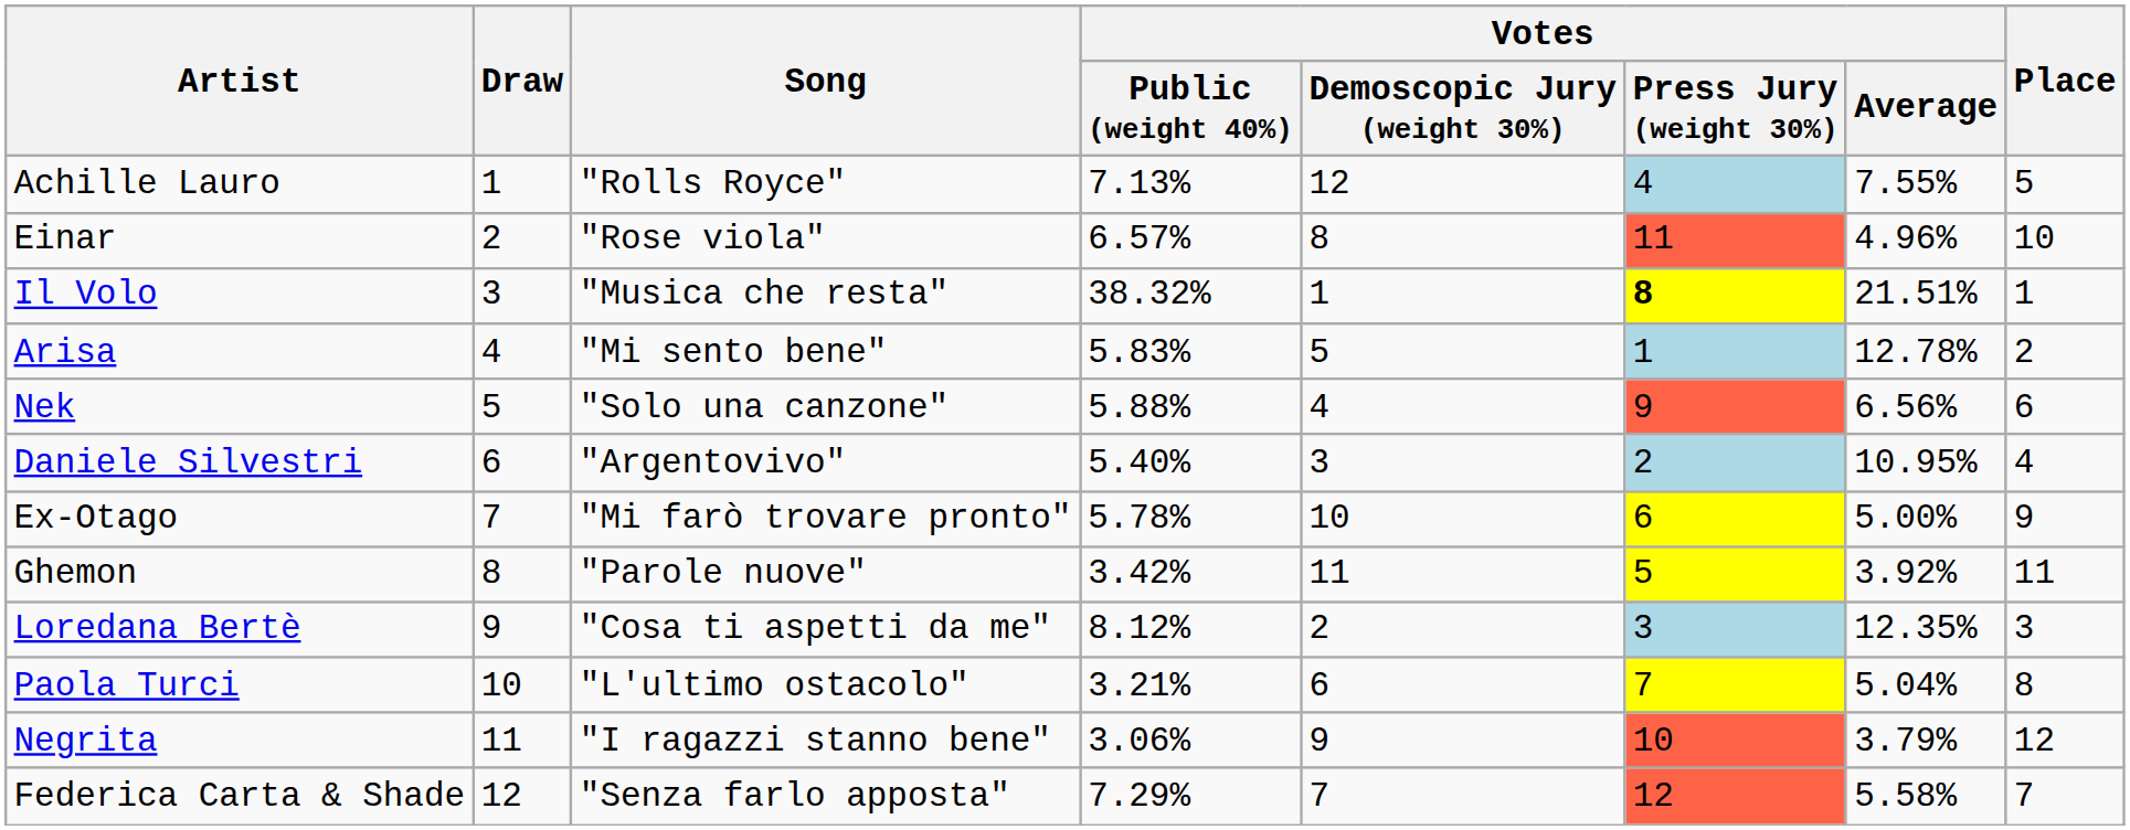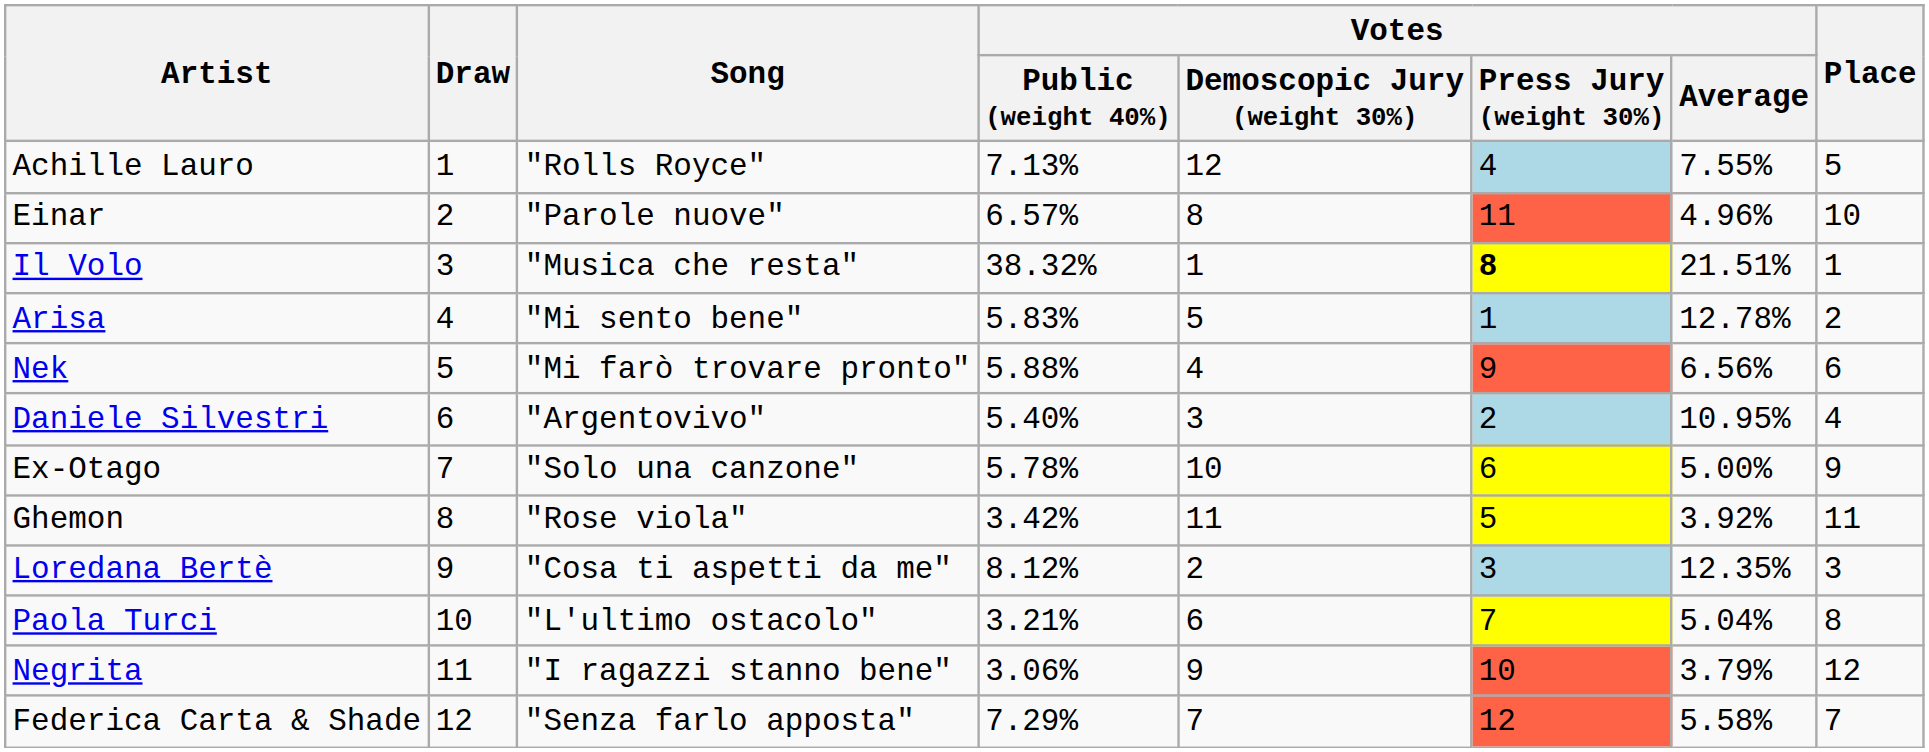 <table class="wikitable sortable">
 <tr>
 <th rowspan="2">Artist</th>
 <th rowspan="2">Draw</th>
 <th rowspan="2">Song</th>
 <th colspan="4" class="unsortable">Votes</th>
 <th rowspan="2">Place</th>
 </tr>
 <tr>
 <th>Public<br><small>(weight 40%)</small></th>
 <th>Demoscopic Jury<br><small>(weight 30%)</small></th>
 <th>Press Jury<br><small>(weight 30%)</small></th>
 <th>Average</th>
 </tr>
 <tr>
 <td>Achille Lauro</td>
 <td>1</td>
 <td>"Rolls Royce"</td>
 <td>7.13%</td>
 <td>12</td>
 <td style="background:lightblue">4</td>
 <td>7.55%</td>
 <td>5</td>
 </tr>
 <tr>
 <td>Einar</td>
 <td>2</td>
-<td>"Rose viola"</td>
+<td>"Parole nuove"</td>
 <td>6.57%</td>
 <td>8</td>
 <td style="background:tomato">11</td>
 <td>4.96%</td>
 <td>10</td>
 </tr>
 <tr>
 <td><a href='#'>Il Volo</a></td>
 <td>3</td>
 <td>"Musica che resta"</td>
 <td>38.32%</td>
 <td>1</td>
 <td style="background:yellow"><strong>8</strong></td>
 <td>21.51%</td>
 <td>1</td>
 </tr>
 <tr>
 <td><a href='#'>Arisa</a></td>
 <td>4</td>
 <td>"Mi sento bene"</td>
 <td>5.83%</td>
 <td>5</td>
 <td style="background:lightblue">1</td>
 <td>12.78%</td>
 <td>2</td>
 </tr>
 <tr>
 <td><a href='#'>Nek</a></td>
 <td>5</td>
-<td>"Solo una canzone"</td>
+<td>"Mi farò trovare pronto"</td>
 <td>5.88%</td>
 <td>4</td>
 <td style="background:tomato">9</td>
 <td>6.56%</td>
 <td>6</td>
 </tr>
 <tr>
 <td><a href='#'>Daniele Silvestri</a></td>
 <td>6</td>
 <td>"Argentovivo"</td>
 <td>5.40%</td>
 <td>3</td>
 <td style="background:lightblue">2</td>
 <td>10.95%</td>
 <td>4</td>
 </tr>
 <tr>
 <td>Ex-Otago</td>
 <td>7</td>
-<td>"Mi farò trovare pronto"</td>
+<td>"Solo una canzone"</td>
 <td>5.78%</td>
 <td>10</td>
 <td style="background:yellow">6</td>
 <td>5.00%</td>
 <td>9</td>
 </tr>
 <tr>
 <td>Ghemon</td>
 <td>8</td>
-<td>"Parole nuove"</td>
+<td>"Rose viola"</td>
 <td>3.42%</td>
 <td>11</td>
 <td style="background:yellow">5</td>
 <td>3.92%</td>
 <td>11</td>
 </tr>
 <tr>
 <td><a href='#'>Loredana Bertè</a></td>
 <td>9</td>
 <td>"Cosa ti aspetti da me"</td>
 <td>8.12%</td>
 <td>2</td>
 <td style="background:lightblue">3</td>
 <td>12.35%</td>
 <td>3</td>
 </tr>
 <tr>
 <td><a href='#'>Paola Turci</a></td>
 <td>10</td>
 <td>"L'ultimo ostacolo"</td>
 <td>3.21%</td>
 <td>6</td>
 <td style="background:yellow">7</td>
 <td>5.04%</td>
 <td>8</td>
 </tr>
 <tr>
 <td><a href='#'>Negrita</a></td>
 <td>11</td>
 <td>"I ragazzi stanno bene"</td>
 <td>3.06%</td>
 <td>9</td>
 <td style="background:tomato">10</td>
 <td>3.79%</td>
 <td>12</td>
 </tr>
 <tr>
 <td>Federica Carta & Shade</td>
 <td>12</td>
 <td>"Senza farlo apposta"</td>
 <td>7.29%</td>
 <td>7</td>
 <td style="background:tomato">12</td>
 <td>5.58%</td>
 <td>7</td>
 </tr>
 </table>
